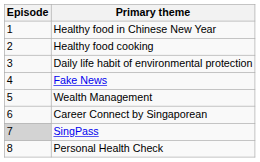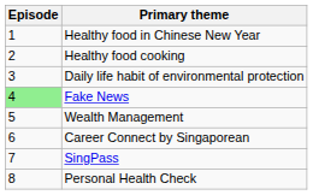 <table class="wikitable">
 <tr>
 <th>Episode</th>
 <th>Primary theme</th>
 </tr>
 <tr>
 <td>1</td>
 <td>Healthy food in Chinese New Year</td>
 </tr>
 <tr>
 <td>2</td>
 <td>Healthy food cooking</td>
 </tr>
 <tr>
 <td>3</td>
 <td>Daily life habit of environmental protection</td>
 </tr>
 <tr>
-<td>4</td>
+<td style="background: lightgreen;">4</td>
 <td><a href='#'>Fake News</a></td>
 </tr>
 <tr>
 <td>5</td>
 <td>Wealth Management</td>
 </tr>
 <tr>
 <td>6</td>
 <td>Career Connect by Singaporean </td>
 </tr>
 <tr>
-<td style="background: lightgrey;">7</td>
+<td>7</td>
 <td><a href='#'>SingPass</a></td>
 </tr>
 <tr>
 <td>8</td>
 <td>Personal Health Check</td>
 </tr>
 </table>
